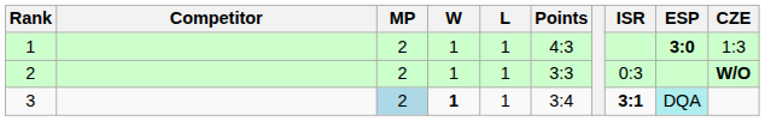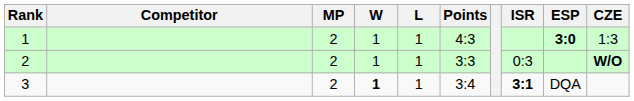 <table class="wikitable" style="text-align:center">
 <tr>
 <th>Rank</th>
 <th style="width:18em">Competitor</th>
 <th style="width:2.5em">MP</th>
 <th style="width:2.5em">W</th>
 <th style="width:2.5em">L</th>
 <th>Points</th>
 <th rowspan="4"> </th>
 <th style="width:2.5em">ISR</th>
 <th style="width:2.5em">ESP</th>
 <th style="width:2.5em">CZE</th>
 </tr>
 <tr style="background:#cfc;">
 <td>1</td>
 <td style="text-align:left"></td>
 <td>2</td>
 <td>1</td>
 <td>1</td>
 <td>4:3</td>
 <td></td>
 <td><strong>3:0</strong></td>
 <td>1:3</td>
 </tr>
 <tr style="background:#cfc;">
 <td>2</td>
 <td style="text-align:left"></td>
 <td>2</td>
 <td>1</td>
 <td>1</td>
 <td>3:3</td>
 <td>0:3</td>
 <td></td>
 <td><strong>W/O</strong></td>
 </tr>
 <tr>
 <td>3</td>
 <td style="text-align:left"></td>
-<td style="background: lightblue;">2</td>
+<td>2</td>
 <td><strong>1</strong></td>
 <td>1</td>
 <td>3:4</td>
 <td><strong>3:1</strong></td>
-<td style="background: paleturquoise;">DQA</td>
+<td>DQA</td>
 <td></td>
 </tr>
 </table>
